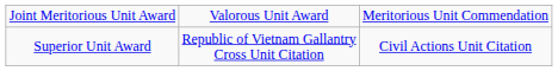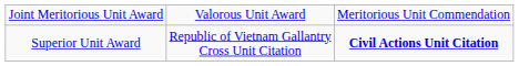 <table class="wikitable" style="margin:1em auto; text-align:center;">
 <tr>
 <td><a href='#'>Joint Meritorious Unit Award</a></td>
 <td><a href='#'>Valorous Unit Award</a></td>
 <td><a href='#'>Meritorious Unit Commendation</a></td>
 </tr>
 <tr>
 <td><a href='#'>Superior Unit Award</a></td>
 <td><a href='#'>Republic of Vietnam Gallantry<br>Cross Unit Citation</a></td>
-<td><a href='#'>Civil Actions Unit Citation</a></td>
+<td><strong><a href='#'>Civil Actions Unit Citation</a></strong></td>
 </tr>
 </table>
